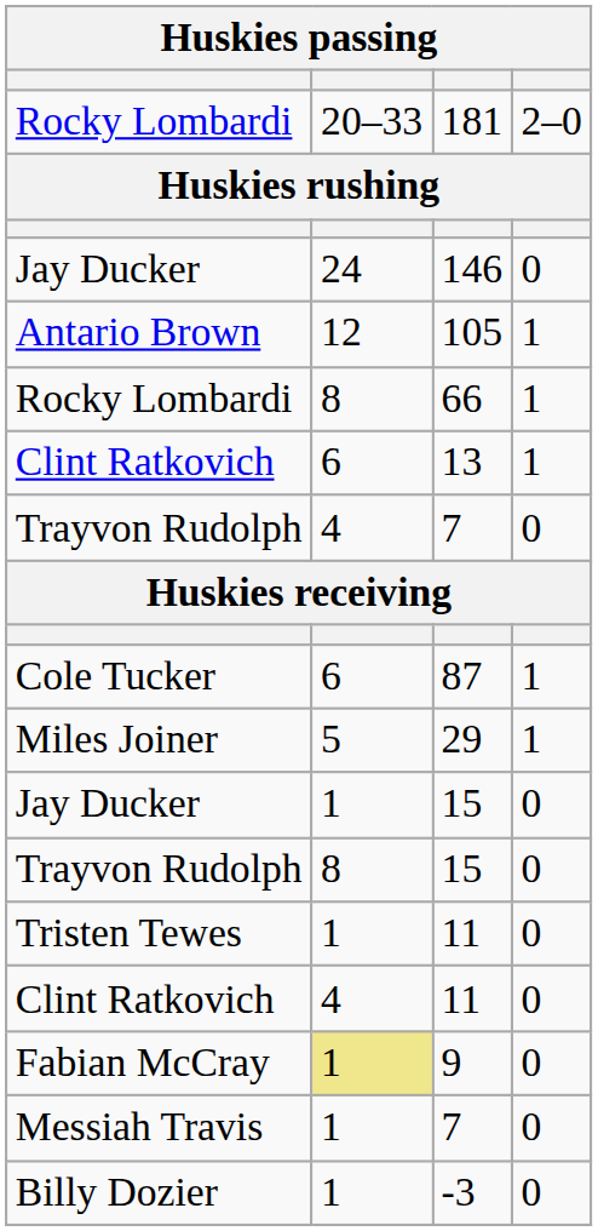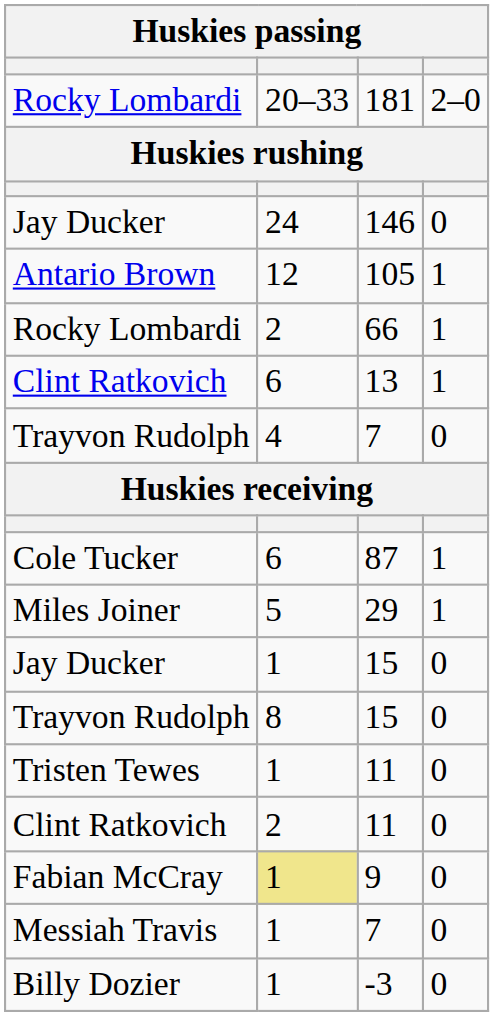 <table class="wikitable plainrowheaders">
 <tr>
 <th colspan="6">Huskies passing</th>
 </tr>
 <tr>
 <th scope="col"></th>
 <th scope="col"></th>
 <th scope="col"></th>
 <th scope="col"></th>
 </tr>
 <tr>
 <td><a href='#'>Rocky Lombardi</a></td>
 <td>20–33</td>
 <td>181</td>
 <td>2–0</td>
 </tr>
 <tr>
 <th colspan="6">Huskies rushing</th>
 </tr>
 <tr>
 <th scope="col"></th>
 <th scope="col"></th>
 <th scope="col"></th>
 <th scope="col"></th>
 </tr>
 <tr>
 <td>Jay Ducker</td>
 <td>24</td>
 <td>146</td>
 <td>0</td>
 </tr>
 <tr>
 <td><a href='#'>Antario Brown</a></td>
 <td>12</td>
 <td>105</td>
 <td>1</td>
 </tr>
 <tr>
 <td>Rocky Lombardi</td>
-<td>8</td>
+<td>2</td>
 <td>66</td>
 <td>1</td>
 </tr>
 <tr>
 <td><a href='#'>Clint Ratkovich</a></td>
 <td>6</td>
 <td>13</td>
 <td>1</td>
 </tr>
 <tr>
 <td>Trayvon Rudolph</td>
 <td>4</td>
 <td>7</td>
 <td>0</td>
 </tr>
 <tr>
 <th colspan="6">Huskies receiving</th>
 </tr>
 <tr>
 <th scope="col"></th>
 <th scope="col"></th>
 <th scope="col"></th>
 <th scope="col"></th>
 </tr>
 <tr>
 <td>Cole Tucker</td>
 <td>6</td>
 <td>87</td>
 <td>1</td>
 </tr>
 <tr>
 <td>Miles Joiner</td>
 <td>5</td>
 <td>29</td>
 <td>1</td>
 </tr>
 <tr>
 <td>Jay Ducker</td>
 <td>1</td>
 <td>15</td>
 <td>0</td>
 </tr>
 <tr>
 <td>Trayvon Rudolph</td>
 <td>8</td>
 <td>15</td>
 <td>0</td>
 </tr>
 <tr>
 <td>Tristen Tewes</td>
 <td>1</td>
 <td>11</td>
 <td>0</td>
 </tr>
 <tr>
 <td>Clint Ratkovich</td>
-<td>4</td>
+<td>2</td>
 <td>11</td>
 <td>0</td>
 </tr>
 <tr>
 <td>Fabian McCray</td>
 <td style="background: khaki;">1</td>
 <td>9</td>
 <td>0</td>
 </tr>
 <tr>
 <td>Messiah Travis</td>
 <td>1</td>
 <td>7</td>
 <td>0</td>
 </tr>
 <tr>
 <td>Billy Dozier</td>
 <td>1</td>
 <td>-3</td>
 <td>0</td>
 </tr>
 </table>
